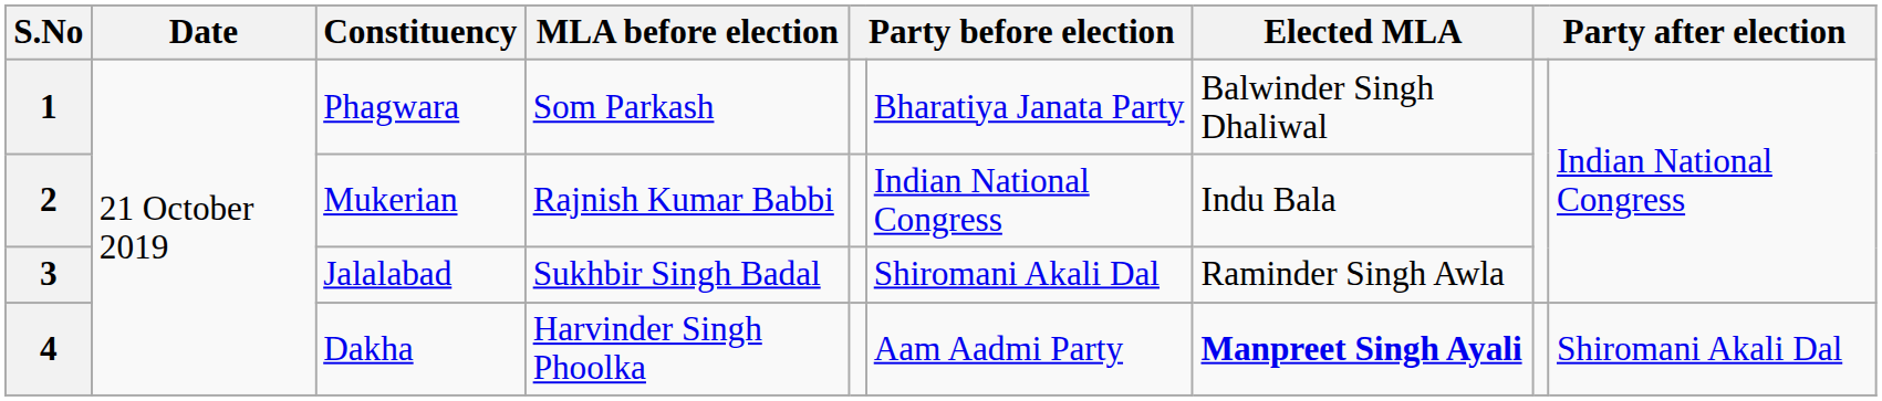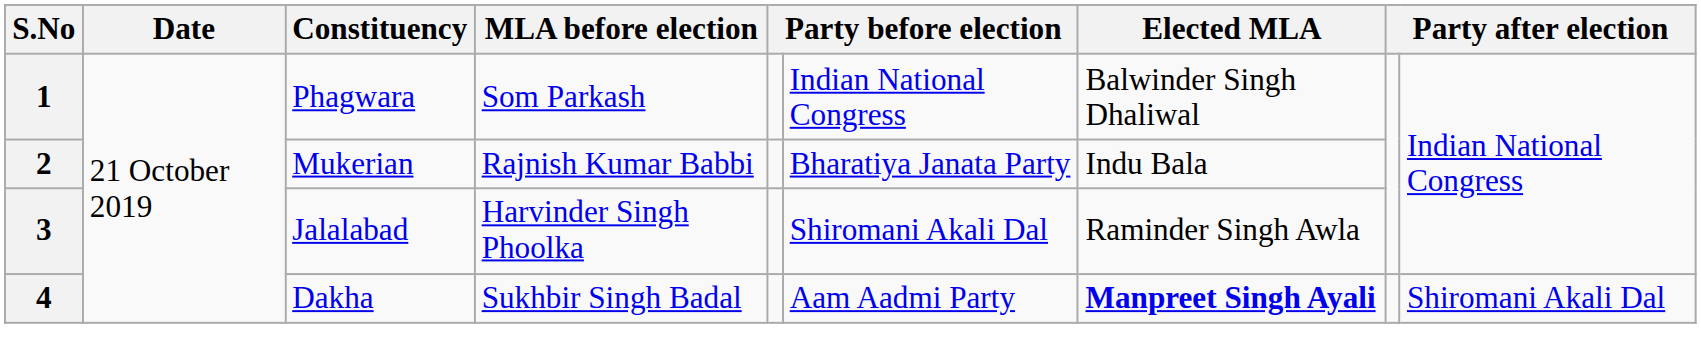 <table class="wikitable sortable">
 <tr>
 <th>S.No</th>
 <th>Date</th>
 <th>Constituency</th>
 <th>MLA before election</th>
 <th colspan="2">Party before election</th>
 <th>Elected MLA</th>
 <th colspan="2">Party after election</th>
 </tr>
 <tr>
 <th>1</th>
 <td rowspan="4">21 October 2019</td>
 <td><a href='#'>Phagwara</a></td>
 <td><a href='#'>Som Parkash</a></td>
 <td></td>
-<td><a href='#'>Bharatiya Janata Party</a></td>
+<td><a href='#'>Indian National Congress</a></td>
 <td>Balwinder Singh Dhaliwal</td>
 <td rowspan="3"></td>
 <td rowspan="3"><a href='#'>Indian National Congress</a></td>
 </tr>
 <tr>
 <th>2</th>
 <td><a href='#'>Mukerian</a></td>
 <td><a href='#'>Rajnish Kumar Babbi</a></td>
 <td></td>
-<td><a href='#'>Indian National Congress</a></td>
+<td><a href='#'>Bharatiya Janata Party</a></td>
 <td>Indu Bala</td>
 </tr>
 <tr>
 <th>3</th>
 <td><a href='#'>Jalalabad</a></td>
-<td><a href='#'>Sukhbir Singh Badal</a></td>
+<td><a href='#'>Harvinder Singh Phoolka</a></td>
 <td></td>
 <td><a href='#'>Shiromani Akali Dal</a></td>
 <td>Raminder Singh Awla</td>
 </tr>
 <tr>
 <th>4</th>
 <td><a href='#'>Dakha</a></td>
-<td><a href='#'>Harvinder Singh Phoolka</a></td>
+<td><a href='#'>Sukhbir Singh Badal</a></td>
 <td></td>
 <td><a href='#'>Aam Aadmi Party</a></td>
 <td><strong><a href='#'>Manpreet Singh Ayali</a></strong></td>
 <td></td>
 <td><a href='#'>Shiromani Akali Dal</a></td>
 </tr>
 </table>
